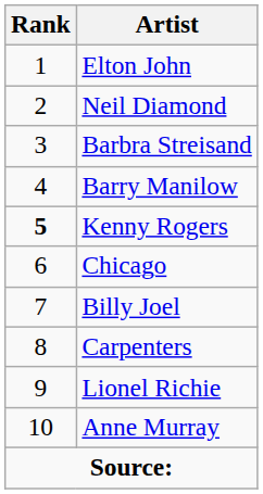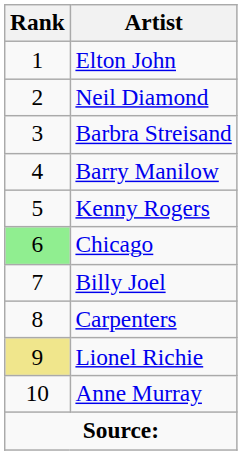 <table class="wikitable">
 <tr>
 <th>Rank</th>
 <th>Artist</th>
 </tr>
 <tr>
 <td align="center">1</td>
 <td><a href='#'>Elton John</a></td>
 </tr>
 <tr>
 <td align="center">2</td>
 <td><a href='#'>Neil Diamond</a></td>
 </tr>
 <tr>
 <td align="center">3</td>
 <td><a href='#'>Barbra Streisand</a></td>
 </tr>
 <tr>
 <td align="center">4</td>
 <td><a href='#'>Barry Manilow</a></td>
 </tr>
 <tr>
-<td align="center"><strong>5</strong></td>
+<td align="center">5</td>
 <td><a href='#'>Kenny Rogers</a></td>
 </tr>
 <tr>
-<td align="center">6</td>
+<td align="center" style="background: lightgreen;">6</td>
 <td><a href='#'>Chicago</a></td>
 </tr>
 <tr>
 <td align="center">7</td>
 <td><a href='#'>Billy Joel</a></td>
 </tr>
 <tr>
 <td align="center">8</td>
 <td><a href='#'>Carpenters</a></td>
 </tr>
 <tr>
-<td align="center">9</td>
+<td align="center" style="background: khaki;">9</td>
 <td><a href='#'>Lionel Richie</a></td>
 </tr>
 <tr>
 <td align="center">10</td>
 <td><a href='#'>Anne Murray</a></td>
 </tr>
 <tr>
 <td colspan="2" style="text-align: center;"><strong>Source:</strong></td>
 </tr>
 </table>
